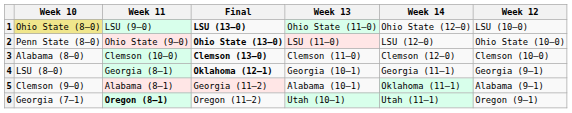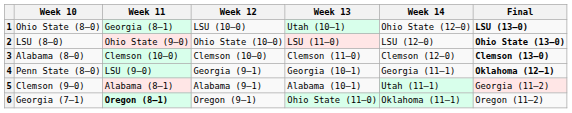 <table class="wikitable" style="font-size:90%">
 <tr>
 <th></th>
 <th>Week 10</th>
 <th>Week 11</th>
-<th>Final</th>
+<th>Week 12</th>
 <th>Week 13</th>
 <th>Week 14</th>
-<th>Week 12</th>
+<th>Final</th>
 </tr>
 <tr>
 <th>1</th>
-<td style="background: khaki;">Ohio State (8–0)</td>
-<td style="background:#d8ffeb">LSU (9–0)</td>
+<td>Ohio State (8–0)</td>
+<td style="background:#d8ffeb">Georgia (8–1)</td>
+<td>LSU (10–0)</td>
+<td style="background:#d8ffeb">Utah (10–1)</td>
+<td>Ohio State (12–0)</td>
 <td style="background:#"><strong>LSU (13–0)</strong></td>
-<td style="background:#d8ffeb">Ohio State (11–0)</td>
-<td>Ohio State (12–0)</td>
-<td>LSU (10–0)</td>
 </tr>
 <tr>
 <th>2</th>
-<td>Penn State (8–0)</td>
+<td>LSU (8–0)</td>
 <td style="background:#ffe6e6">Ohio State (9–0)</td>
-<td style="background:#"><strong>Ohio State (13–0)</strong></td>
+<td>Ohio State (10–0)</td>
 <td style="background:#ffe6e6">LSU (11–0)</td>
 <td>LSU (12–0)</td>
-<td>Ohio State (10–0)</td>
+<td style="background:#"><strong>Ohio State (13–0)</strong></td>
 </tr>
 <tr>
 <th>3</th>
 <td>Alabama (8–0)</td>
 <td style="background:#d8ffeb">Clemson (10–0)</td>
-<td style="background:#"><strong>Clemson (13–0)</strong></td>
+<td>Clemson (10–0)</td>
 <td>Clemson (11–0)</td>
 <td>Clemson (12–0)</td>
-<td>Clemson (10–0)</td>
+<td style="background:#"><strong>Clemson (13–0)</strong></td>
 </tr>
 <tr>
 <th>4</th>
-<td>LSU (8–0)</td>
-<td style="background:#d8ffeb">Georgia (8–1)</td>
-<td style="background:#"><strong>Oklahoma (12–1)</strong></td>
+<td>Penn State (8–0)</td>
+<td style="background:#d8ffeb">LSU (9–0)</td>
+<td>Georgia (9–1)</td>
 <td>Georgia (10–1)</td>
 <td>Georgia (11–1)</td>
-<td>Georgia (9–1)</td>
+<td style="background:#"><strong>Oklahoma (12–1)</strong></td>
 </tr>
 <tr>
 <th>5</th>
 <td>Clemson (9–0)</td>
 <td style="background:#ffe6e6">Alabama (8–1)</td>
+<td>Alabama (9–1)</td>
+<td>Alabama (10–1)</td>
+<td style="background:#d8ffeb">Utah (11–1)</td>
 <td style="background:#ffe6e6">Georgia (11–2)</td>
-<td>Alabama (10–1)</td>
-<td style="background:#d8ffeb">Oklahoma (11–1)</td>
-<td>Alabama (9–1)</td>
 </tr>
 <tr>
 <th>6</th>
 <td>Georgia (7–1)</td>
 <td style="background:#d8ffeb"><strong>Oregon (8–1)</strong></td>
+<td>Oregon (9–1)</td>
+<td style="background:#d8ffeb">Ohio State (11–0)</td>
+<td style="background:#d8ffeb">Oklahoma (11–1)</td>
 <td>Oregon (11–2)</td>
-<td style="background:#d8ffeb">Utah (10–1)</td>
-<td style="background:#d8ffeb">Utah (11–1)</td>
-<td>Oregon (9–1)</td>
 </tr>
 </table>
